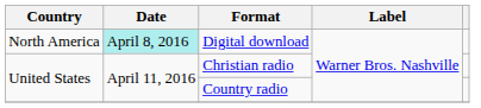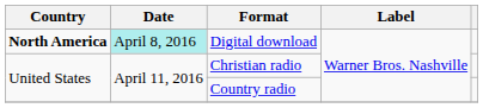 <table class="wikitable">
 <tr>
 <th>Country</th>
 <th>Date</th>
 <th>Format</th>
 <th>Label</th>
 <th></th>
 </tr>
 <tr>
-<td>North America</td>
+<td><strong>North America</strong></td>
 <td style="background: paleturquoise;">April 8, 2016</td>
 <td><a href='#'>Digital download</a></td>
 <td rowspan="3"><a href='#'>Warner Bros. Nashville</a></td>
 <td></td>
 </tr>
 <tr>
 <td rowspan="2">United States</td>
 <td rowspan="2">April 11, 2016</td>
 <td><a href='#'>Christian radio</a></td>
 <td></td>
 </tr>
 <tr>
 <td><a href='#'>Country radio</a></td>
 <td></td>
 </tr>
 <tr>
 </tr>
 </table>
